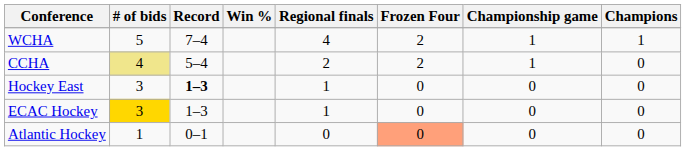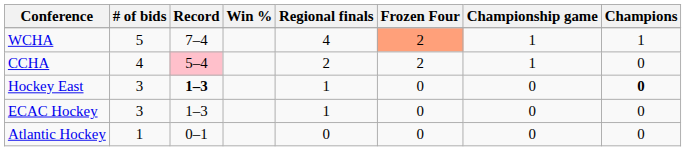 <table class="wikitable sortable">
 <tr>
 <th>Conference</th>
 <th># of bids</th>
 <th>Record</th>
 <th>Win %</th>
 <th>Regional finals</th>
 <th>Frozen Four</th>
 <th>Championship game</th>
 <th>Champions</th>
 </tr>
 <tr align="center">
 </tr>
 <tr align="center">
 <td align="left"><a href='#'>WCHA</a></td>
 <td>5</td>
 <td>7–4</td>
 <td></td>
 <td>4</td>
-<td>2</td>
+<td style="background: lightsalmon;">2</td>
 <td>1</td>
 <td>1</td>
 </tr>
 <tr align="center">
 <td align="left"><a href='#'>CCHA</a></td>
-<td style="background: khaki;">4</td>
-<td>5–4</td>
+<td>4</td>
+<td style="background: pink;">5–4</td>
 <td></td>
 <td>2</td>
 <td>2</td>
 <td>1</td>
 <td>0</td>
 </tr>
 <tr align="center">
 <td align="left"><a href='#'>Hockey East</a></td>
 <td>3</td>
 <td><strong>1–3</strong></td>
 <td></td>
 <td>1</td>
 <td>0</td>
 <td>0</td>
-<td>0</td>
+<td><strong>0</strong></td>
 </tr>
 <tr align="center">
 <td align="left"><a href='#'>ECAC Hockey</a></td>
-<td style="background: gold;">3</td>
+<td>3</td>
 <td>1–3</td>
 <td></td>
 <td>1</td>
 <td>0</td>
 <td>0</td>
 <td>0</td>
 </tr>
 <tr align="center">
 <td align="left"><a href='#'>Atlantic Hockey</a></td>
 <td>1</td>
 <td>0–1</td>
 <td></td>
 <td>0</td>
-<td style="background: lightsalmon;">0</td>
+<td>0</td>
 <td>0</td>
 <td>0</td>
 </tr>
 </table>
